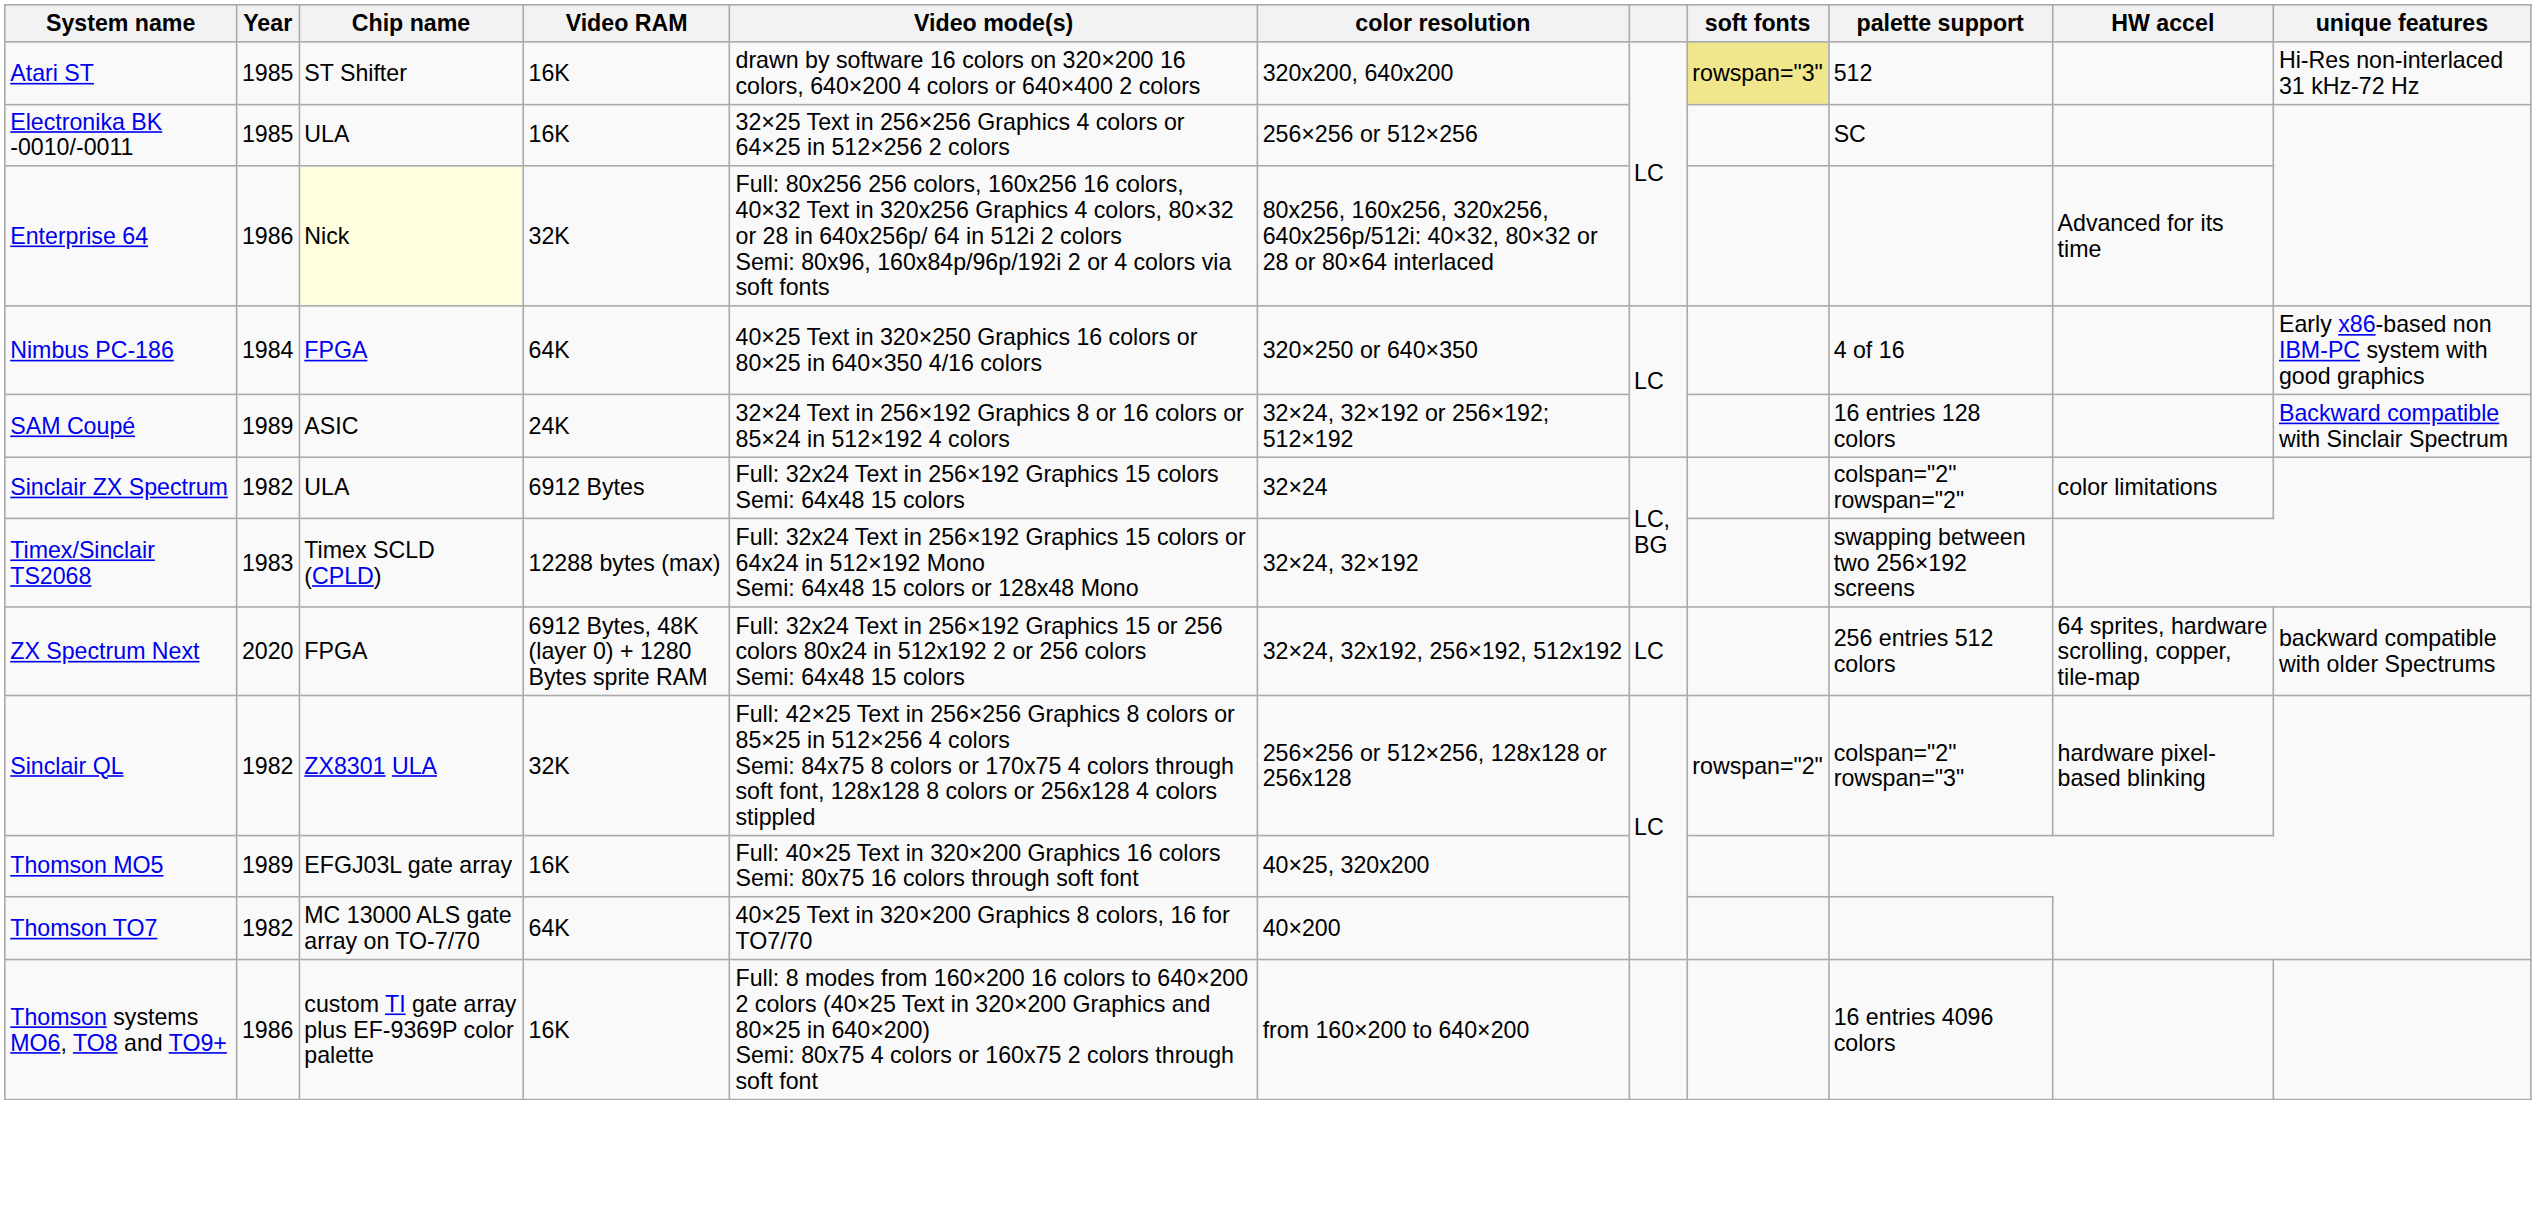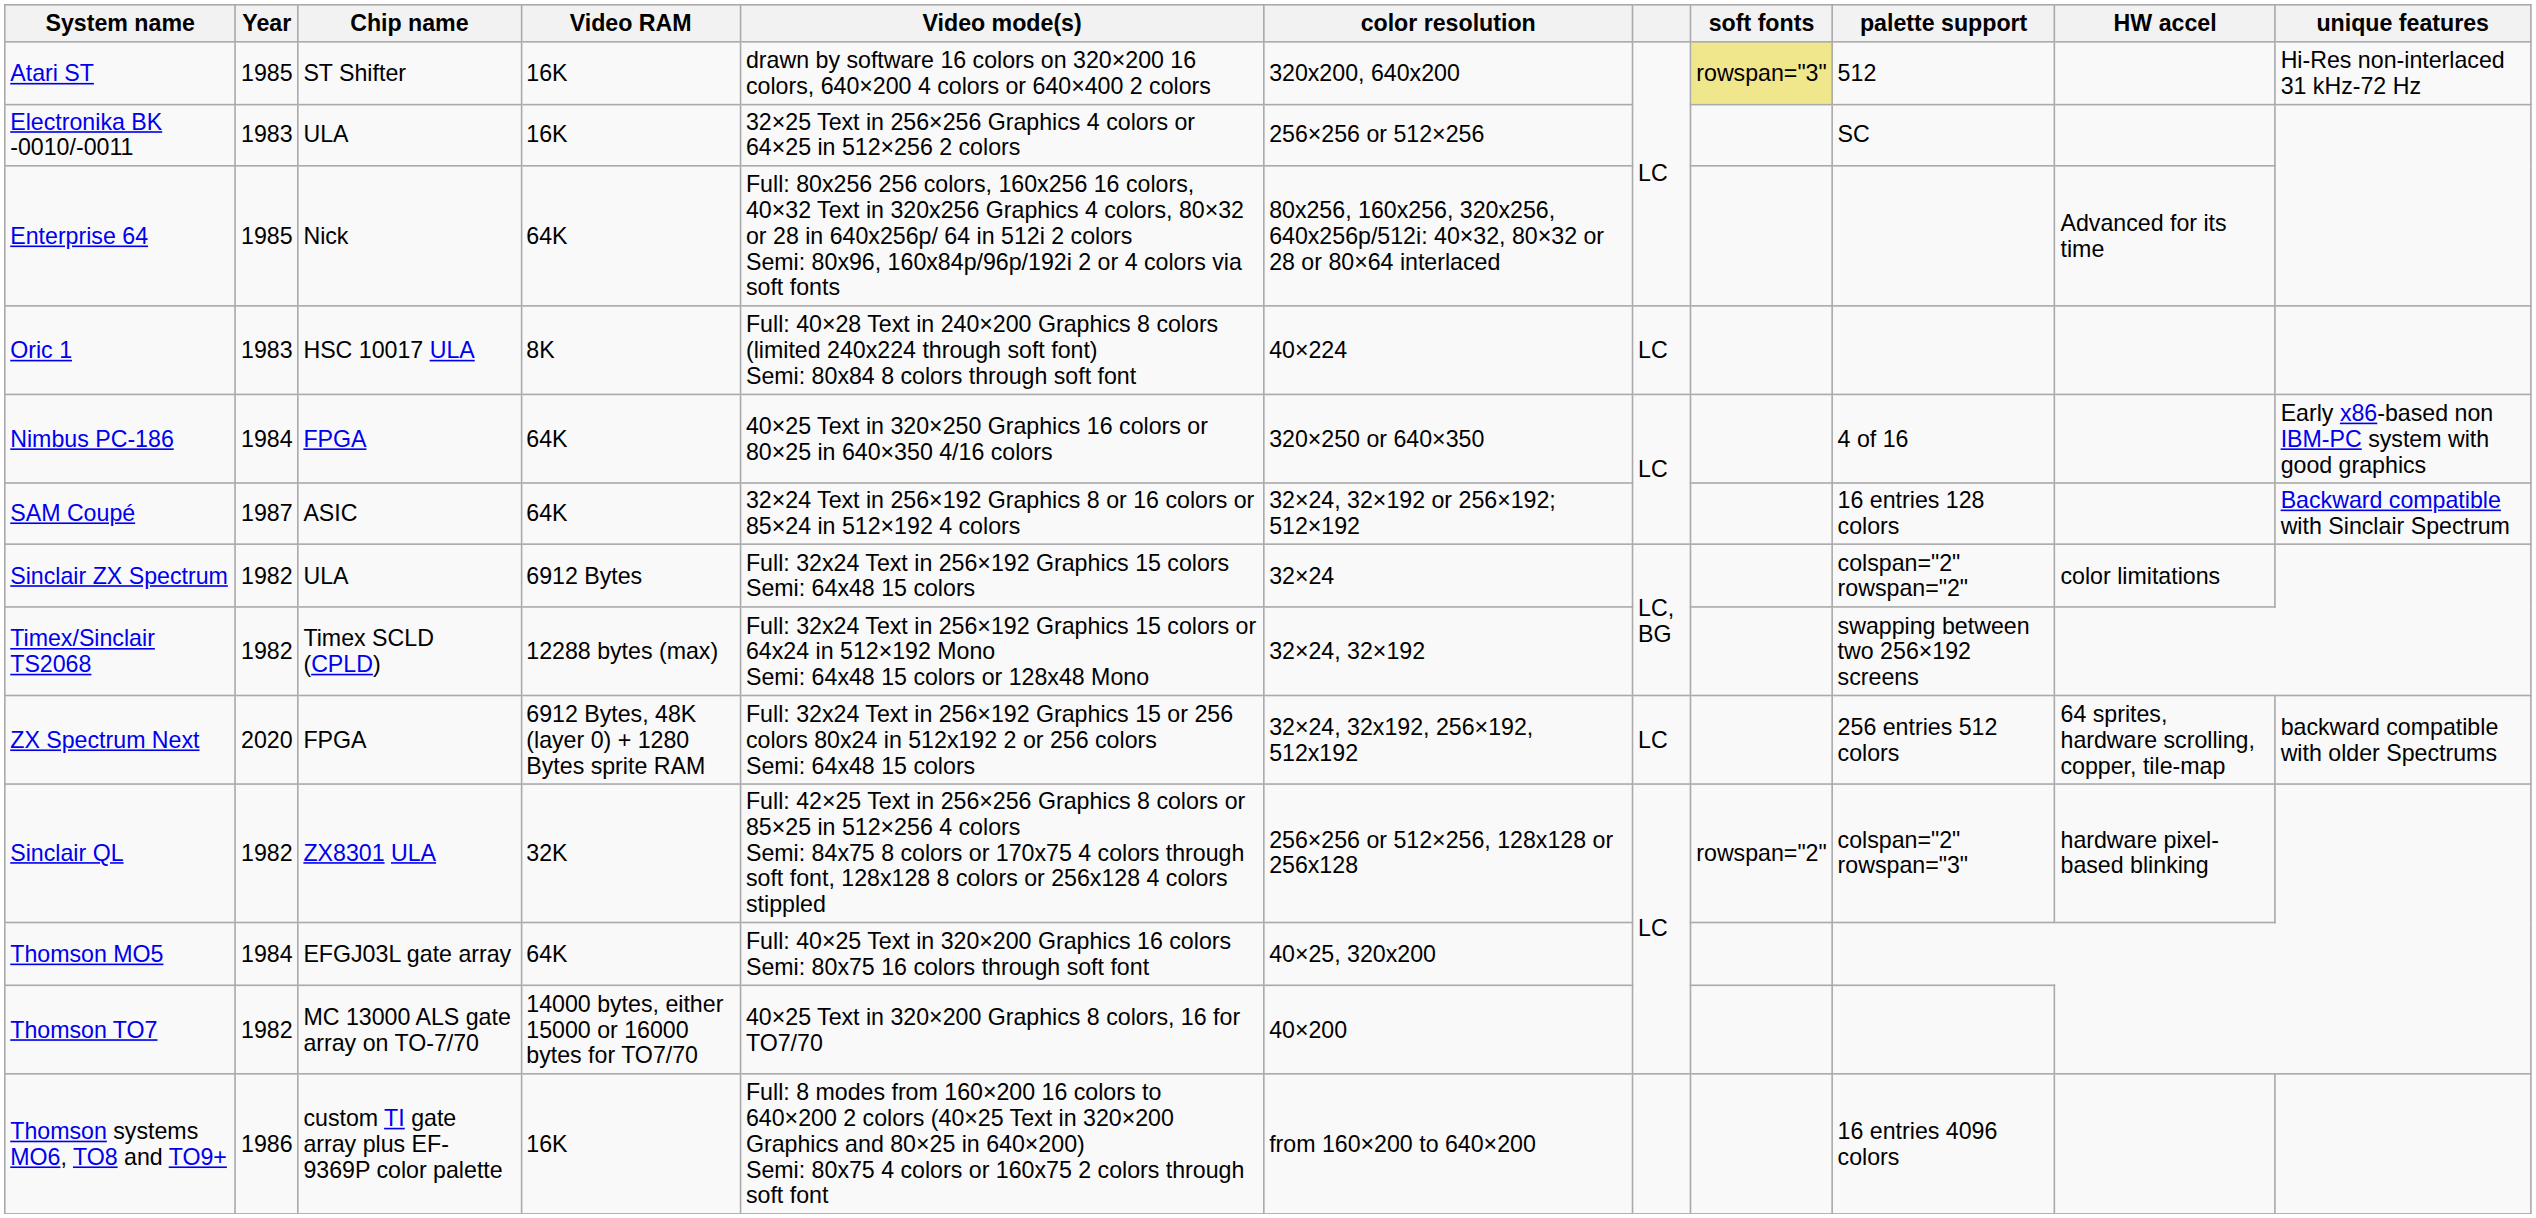 <table class="wikitable" style="font-size: 90%;">
 <tr>
 <th>System name</th>
 <th>Year</th>
 <th>Chip name</th>
 <th>Video RAM</th>
 <th>Video mode(s)</th>
 <th>color resolution</th>
 <th></th>
 <th>soft fonts</th>
 <th>palette support</th>
 <th>HW accel</th>
 <th>unique features</th>
 </tr>
 <tr>
 <td><a href='#'>Atari ST</a></td>
 <td>1985</td>
 <td>ST Shifter</td>
 <td>16K</td>
 <td>drawn by software 16 colors on 320×200 16 colors, 640×200 4 colors or 640×400 2 colors</td>
 <td>320x200, 640x200</td>
 <td rowspan="3">LC</td>
 <td style="background: khaki;">rowspan="3" </td>
 <td> 512</td>
 <td></td>
 <td>Hi-Res non-interlaced 31 kHz-72 Hz</td>
 </tr>
 <tr>
 <td><a href='#'>Electronika BK</a> -0010/-0011</td>
-<td>1985</td>
+<td>1983</td>
 <td>ULA</td>
 <td>16K</td>
 <td>32×25 Text in 256×256 Graphics 4 colors or 64×25 in 512×256 2 colors</td>
 <td>256×256 or 512×256</td>
 <td></td>
 <td>SC</td>
 <td></td>
 </tr>
 <tr>
 <td><a href='#'>Enterprise 64</a></td>
-<td>1986</td>
-<td style="background: lightyellow;">Nick</td>
-<td>32K</td>
+<td>1985</td>
+<td>Nick</td>
+<td>64K</td>
 <td>Full: 80x256 256 colors, 160x256 16 colors, 40×32 Text in 320x256 Graphics 4 colors, 80×32 or 28 in 640x256p/ 64 in 512i 2 colors<br>Semi: 80x96, 160x84p/96p/192i 2 or 4 colors via soft fonts</td>
 <td>80x256, 160x256, 320x256, 640x256p/512i: 40×32, 80×32 or 28 or 80×64 interlaced</td>
 <td></td>
 <td></td>
 <td>Advanced for its time</td>
+</tr>
+<tr>
+<td><a href='#'>Oric 1</a></td>
+<td>1983</td>
+<td>HSC 10017 <a href='#'>ULA</a></td>
+<td>8K</td>
+<td>Full: 40×28 Text in 240×200 Graphics 8 colors (limited 240x224 through soft font)<br>Semi: 80x84 8 colors through soft font</td>
+<td>40×224</td>
+<td>LC</td>
+<td></td>
+<td></td>
+<td></td>
+<td></td>
 </tr>
 <tr>
 <td><a href='#'>Nimbus PC-186</a></td>
 <td>1984</td>
 <td><a href='#'>FPGA</a></td>
 <td>64K</td>
 <td>40×25 Text in 320×250 Graphics 16 colors or 80×25 in 640×350 4/16 colors</td>
 <td>320×250 or 640×350</td>
 <td rowspan="2">LC</td>
 <td></td>
 <td>4 of 16</td>
 <td></td>
 <td>Early <a href='#'>x86</a>-based non <a href='#'>IBM-PC</a> system with good graphics</td>
 </tr>
 <tr>
 <td><a href='#'>SAM Coupé</a></td>
-<td>1989</td>
+<td>1987</td>
 <td>ASIC</td>
-<td>24K</td>
+<td>64K</td>
 <td>32×24 Text in 256×192 Graphics 8 or 16 colors or 85×24 in 512×192 4 colors</td>
 <td>32×24, 32×192 or 256×192; 512×192</td>
 <td></td>
 <td>16 entries 128 colors</td>
 <td></td>
 <td><a href='#'>Backward compatible</a> with Sinclair Spectrum</td>
 </tr>
 <tr>
 <td><a href='#'>Sinclair ZX Spectrum</a></td>
 <td>1982</td>
 <td>ULA</td>
 <td>6912 Bytes</td>
 <td>Full: 32x24 Text in 256×192 Graphics 15 colors<br>Semi: 64x48 15 colors</td>
 <td>32×24</td>
 <td rowspan="2">LC, BG</td>
 <td></td>
 <td>colspan="2" rowspan="2" </td>
 <td>color limitations</td>
 </tr>
 <tr>
 <td><a href='#'>Timex/Sinclair TS2068</a></td>
-<td>1983</td>
+<td>1982</td>
 <td>Timex SCLD (<a href='#'>CPLD</a>)</td>
 <td>12288 bytes (max)</td>
 <td>Full: 32x24 Text in 256×192 Graphics 15 colors or 64x24 in 512×192 Mono<br>Semi: 64x48 15 colors or 128x48 Mono</td>
 <td>32×24, 32×192</td>
 <td></td>
 <td>swapping between two 256×192 screens</td>
 </tr>
 <tr>
 <td><a href='#'>ZX Spectrum Next</a></td>
 <td>2020</td>
 <td>FPGA</td>
 <td>6912 Bytes, 48K (layer 0) + 1280 Bytes sprite RAM</td>
 <td>Full: 32x24 Text in 256×192 Graphics 15 or 256 colors 80x24 in 512x192 2 or 256 colors<br>Semi: 64x48 15 colors</td>
 <td>32×24, 32x192, 256×192, 512x192</td>
 <td>LC</td>
 <td></td>
 <td>256 entries 512 colors</td>
 <td>64 sprites, hardware scrolling, copper, tile-map</td>
 <td>backward compatible with older Spectrums</td>
 </tr>
 <tr>
 <td><a href='#'>Sinclair QL</a></td>
 <td>1982</td>
 <td><a href='#'>ZX8301</a> <a href='#'>ULA</a></td>
 <td>32K</td>
 <td>Full: 42×25 Text in 256×256 Graphics 8 colors or 85×25 in 512×256 4 colors<br>Semi: 84x75 8 colors or 170x75 4 colors through soft font, 128x128 8 colors or 256x128 4 colors stippled</td>
 <td>256×256 or 512×256, 128x128 or 256x128</td>
 <td rowspan="3">LC</td>
 <td>rowspan="2" </td>
 <td>colspan="2" rowspan="3" </td>
 <td>hardware pixel-based blinking</td>
 </tr>
 <tr>
 <td><a href='#'>Thomson MO5</a></td>
-<td>1989</td>
+<td>1984</td>
 <td>EFGJ03L gate array</td>
-<td>16K</td>
+<td>64K</td>
 <td>Full: 40×25 Text in 320×200 Graphics 16 colors<br>Semi: 80x75 16 colors through soft font</td>
 <td>40×25, 320x200</td>
 <td></td>
 </tr>
 <tr>
 <td><a href='#'>Thomson TO7</a></td>
 <td>1982</td>
 <td>MC 13000 ALS gate array on TO-7/70</td>
-<td>64K</td>
+<td>14000 bytes, either 15000 or 16000 bytes for TO7/70</td>
 <td>40×25 Text in 320×200 Graphics 8 colors, 16 for TO7/70</td>
 <td>40×200</td>
 <td></td>
 <td></td>
 </tr>
 <tr>
 <td><a href='#'>Thomson</a> systems <a href='#'>MO6</a>, <a href='#'>TO8</a> and <a href='#'>TO9+</a></td>
 <td>1986</td>
 <td>custom <a href='#'>TI</a> gate array plus EF-9369P color palette</td>
 <td>16K</td>
 <td>Full: 8 modes from 160×200 16 colors to 640×200 2 colors (40×25 Text in 320×200 Graphics and 80×25 in 640×200)<br>Semi: 80x75 4 colors or 160x75 2 colors through soft font</td>
 <td>from 160×200 to 640×200</td>
 <td></td>
 <td></td>
 <td>16 entries 4096 colors</td>
 <td></td>
 <td></td>
 </tr>
 </table>
